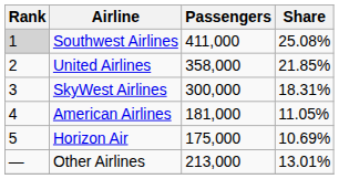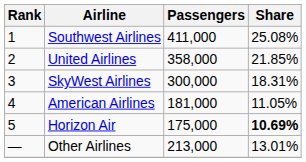 <table class="wikitable sortable" style="font-size: 95%">
 <tr>
 <th>Rank</th>
 <th>Airline</th>
 <th>Passengers</th>
 <th>Share</th>
 </tr>
 <tr>
-<td style="background: lightgrey;">1</td>
+<td>1</td>
 <td><a href='#'>Southwest Airlines</a></td>
 <td>411,000</td>
 <td>25.08%</td>
 </tr>
 <tr>
 <td>2</td>
 <td><a href='#'>United Airlines</a></td>
 <td>358,000</td>
 <td>21.85%</td>
 </tr>
 <tr>
 <td>3</td>
 <td><a href='#'>SkyWest Airlines</a></td>
 <td>300,000</td>
 <td>18.31%</td>
 </tr>
 <tr>
 <td>4</td>
 <td><a href='#'>American Airlines</a></td>
 <td>181,000</td>
 <td>11.05%</td>
 </tr>
 <tr>
 <td>5</td>
 <td><a href='#'>Horizon Air</a></td>
 <td>175,000</td>
-<td>10.69%</td>
+<td><strong>10.69%</strong></td>
 </tr>
 <tr>
 <td>—</td>
 <td>Other Airlines</td>
 <td>213,000</td>
 <td>13.01%</td>
 </tr>
 <tr>
 </tr>
 </table>
